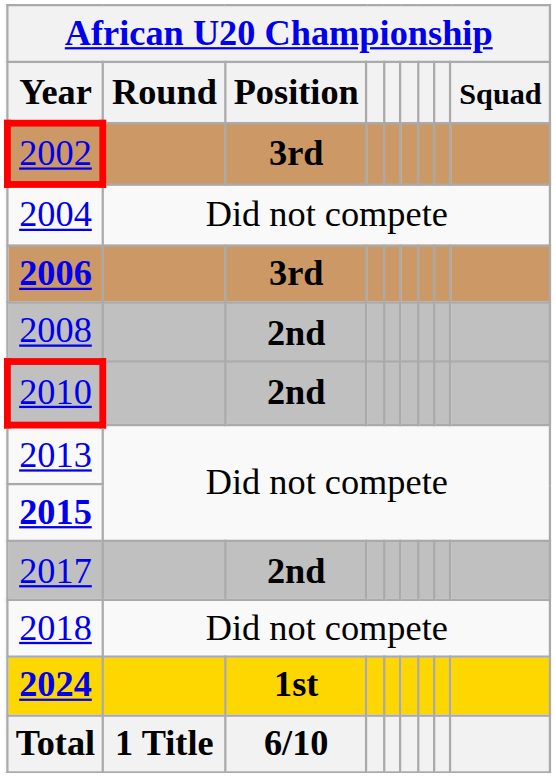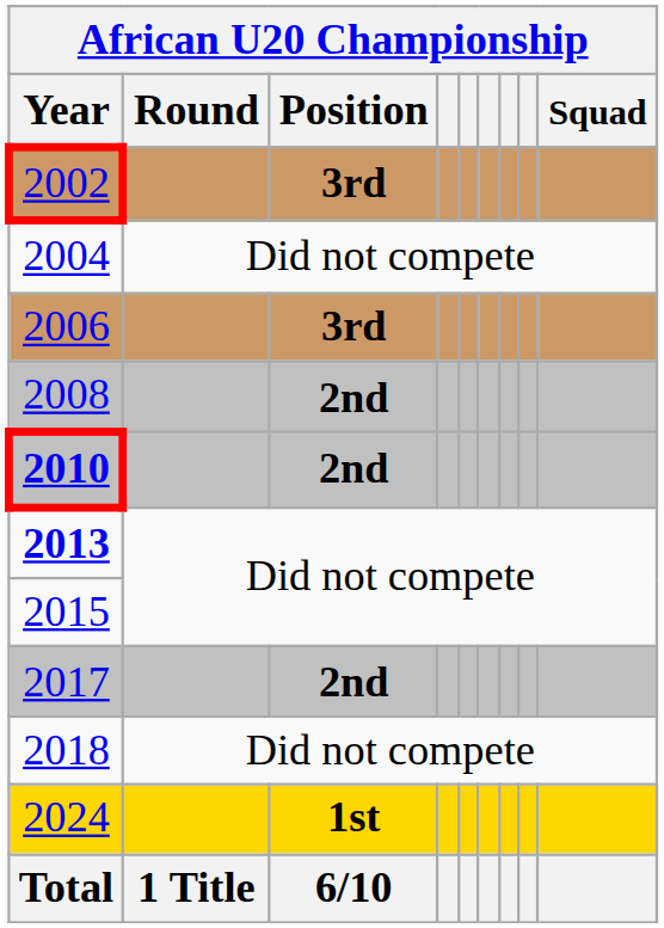 <table class="wikitable" style="text-align: center;">
 <tr>
 <th colspan=9><a href='#'>African U20 Championship</a></th>
 </tr>
 <tr>
 <th>Year</th>
 <th>Round</th>
 <th>Position</th>
 <th></th>
 <th></th>
 <th></th>
 <th></th>
 <th></th>
 <th><small>Squad</small></th>
 </tr>
 <tr bgcolor=#cc9966>
 <td style="border:3px solid red"> <a href='#'>2002</a></td>
 <td></td>
 <td><strong>3rd</strong></td>
 <td></td>
 <td></td>
 <td></td>
 <td></td>
 <td></td>
 <td></td>
 </tr>
 <tr bgcolor=>
 <td> <a href='#'>2004</a></td>
 <td colspan="8" rowspan=1>Did not compete</td>
 </tr>
 <tr bgcolor=#cc9966>
-<td><strong> <a href='#'>2006</a></strong></td>
+<td> <a href='#'>2006</a></td>
 <td></td>
 <td><strong>3rd</strong></td>
 <td></td>
 <td></td>
 <td></td>
 <td></td>
 <td></td>
 <td></td>
 </tr>
 <tr bgcolor=silver>
 <td> <a href='#'>2008</a></td>
 <td></td>
 <td><strong>2nd</strong></td>
 <td></td>
 <td></td>
 <td></td>
 <td></td>
 <td></td>
 <td></td>
 </tr>
 <tr bgcolor=silver>
-<td style="border:3px solid red"> <a href='#'>2010</a></td>
+<td style="border:3px solid red"><strong> <a href='#'>2010</a></strong></td>
 <td></td>
 <td><strong>2nd</strong></td>
 <td></td>
 <td></td>
 <td></td>
 <td></td>
 <td></td>
 <td></td>
 </tr>
 <tr bgcolor=>
-<td> <a href='#'>2013</a></td>
+<td><strong> <a href='#'>2013</a></strong></td>
 <td colspan="8" rowspan="2">Did not compete</td>
 </tr>
 <tr bgcolor=>
-<td><strong> <a href='#'>2015</a></strong></td>
+<td> <a href='#'>2015</a></td>
 </tr>
 <tr bgcolor=silver>
 <td> <a href='#'>2017</a></td>
 <td></td>
 <td><strong>2nd</strong></td>
 <td></td>
 <td></td>
 <td></td>
 <td></td>
 <td></td>
 <td></td>
 </tr>
 <tr bgcolor=>
 <td> <a href='#'>2018</a></td>
 <td colspan="8" rowspan=1>Did not compete</td>
 </tr>
 <tr bgcolor=gold>
-<td><strong> <a href='#'>2024</a></strong></td>
+<td> <a href='#'>2024</a></td>
 <td></td>
 <td><strong>1st</strong></td>
 <td></td>
 <td></td>
 <td></td>
 <td></td>
 <td></td>
 <td></td>
 </tr>
 <tr>
 <th>Total</th>
 <th>1 Title</th>
 <th>6/10</th>
 <th></th>
 <th></th>
 <th></th>
 <th></th>
 <th></th>
 <th></th>
 </tr>
 </table>
